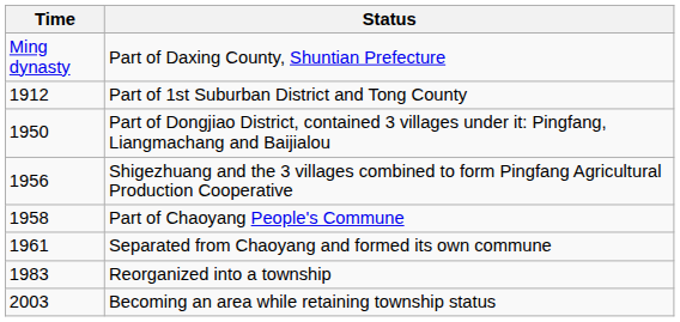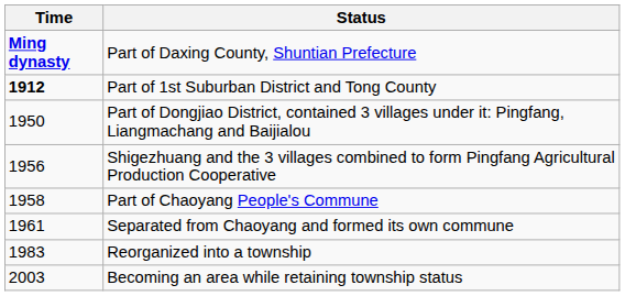 <table class="wikitable">
 <tr>
 <th>Time</th>
 <th>Status</th>
 </tr>
 <tr>
-<td><a href='#'>Ming dynasty</a></td>
+<td><strong><a href='#'>Ming dynasty</a></strong></td>
 <td>Part of Daxing County, <a href='#'>Shuntian Prefecture</a></td>
 </tr>
 <tr>
-<td>1912</td>
+<td><strong>1912</strong></td>
 <td>Part of 1st Suburban District and Tong County</td>
 </tr>
 <tr>
 <td>1950</td>
 <td>Part of Dongjiao District, contained 3 villages under it: Pingfang, Liangmachang and Baijialou</td>
 </tr>
 <tr>
 <td>1956</td>
 <td>Shigezhuang and the 3 villages combined to form Pingfang Agricultural Production Cooperative</td>
 </tr>
 <tr>
 <td>1958</td>
 <td>Part of Chaoyang <a href='#'>People's Commune</a></td>
 </tr>
 <tr>
 <td>1961</td>
 <td>Separated from Chaoyang and formed its own commune</td>
 </tr>
 <tr>
 <td>1983</td>
 <td>Reorganized into a township</td>
 </tr>
 <tr>
 <td>2003</td>
 <td>Becoming an area while retaining township status</td>
 </tr>
 </table>
